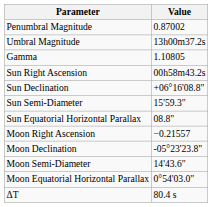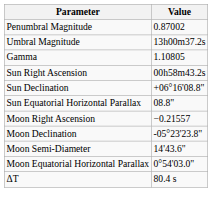 <table class="wikitable">
 <tr>
 <th>Parameter</th>
 <th>Value</th>
 </tr>
 <tr>
 <td>Penumbral Magnitude</td>
 <td>0.87002</td>
 </tr>
 <tr>
 <td>Umbral Magnitude</td>
 <td>13h00m37.2s</td>
 </tr>
 <tr>
 <td>Gamma</td>
 <td>1.10805</td>
 </tr>
 <tr>
 <td>Sun Right Ascension</td>
 <td>00h58m43.2s</td>
 </tr>
 <tr>
 <td>Sun Declination</td>
 <td>+06°16'08.8"</td>
 </tr>
 <tr>
-<td>Sun Semi-Diameter</td>
-<td>15'59.3"</td>
-</tr>
-<tr>
 <td>Sun Equatorial Horizontal Parallax</td>
 <td>08.8"</td>
 </tr>
 <tr>
 <td>Moon Right Ascension</td>
 <td>−0.21557</td>
 </tr>
 <tr>
 <td>Moon Declination</td>
 <td>-05°23'23.8"</td>
 </tr>
 <tr>
 <td>Moon Semi-Diameter</td>
 <td>14'43.6"</td>
 </tr>
 <tr>
 <td>Moon Equatorial Horizontal Parallax</td>
 <td>0°54'03.0"</td>
 </tr>
 <tr>
 <td>ΔT</td>
 <td>80.4 s</td>
 </tr>
 </table>
